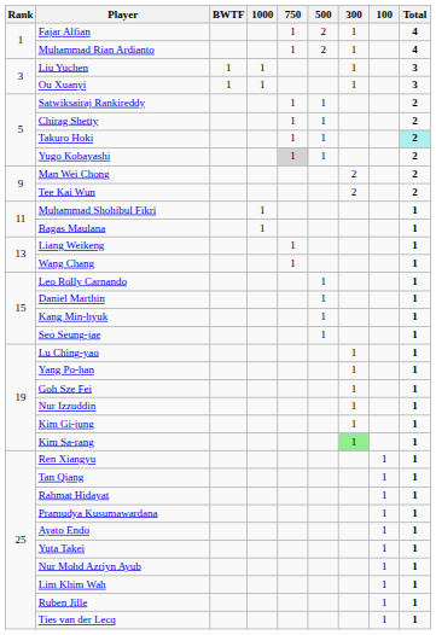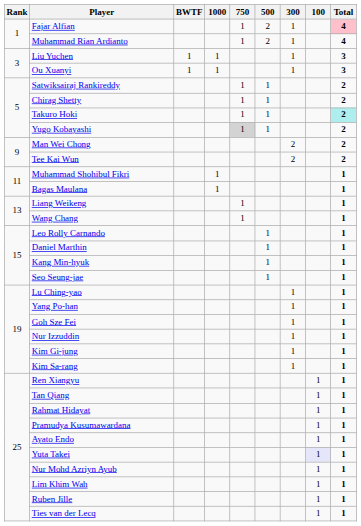 <table class="wikitable" style="font-size:80%; text-align:center">
 <tr>
 <th width="30">Rank</th>
 <th width="200">Player</th>
 <th width="30">BWTF</th>
 <th width="30">1000</th>
 <th width="30">750</th>
 <th width="30">500</th>
 <th width="30">300</th>
 <th width="30">100</th>
 <th width="30">Total</th>
 </tr>
 <tr>
 <td rowspan=2>1</td>
 <td align="left"> <a href='#'>Fajar Alfian</a></td>
 <td></td>
 <td></td>
 <td>1</td>
 <td>2</td>
 <td>1</td>
 <td></td>
-<td><strong>4</strong></td>
+<td style="background: pink;"><strong>4</strong></td>
 </tr>
 <tr>
 <td align="left"> <a href='#'>Muhammad Rian Ardianto</a></td>
 <td></td>
 <td></td>
 <td>1</td>
 <td>2</td>
 <td>1</td>
 <td></td>
 <td><strong>4</strong></td>
 </tr>
 <tr>
 <td rowspan=2>3</td>
 <td align="left"> <a href='#'>Liu Yuchen</a></td>
 <td>1</td>
 <td>1</td>
 <td></td>
 <td></td>
 <td>1</td>
 <td></td>
 <td><strong>3</strong></td>
 </tr>
 <tr>
 <td align="left"> <a href='#'>Ou Xuanyi</a></td>
 <td>1</td>
 <td>1</td>
 <td></td>
 <td></td>
 <td>1</td>
 <td></td>
 <td><strong>3</strong></td>
 </tr>
 <tr>
 <td rowspan=4>5</td>
 <td align="left"> <a href='#'>Satwiksairaj Rankireddy</a></td>
 <td></td>
 <td></td>
 <td>1</td>
 <td>1</td>
 <td></td>
 <td></td>
 <td><strong>2</strong></td>
 </tr>
 <tr>
 <td align="left"> <a href='#'>Chirag Shetty</a></td>
 <td></td>
 <td></td>
 <td>1</td>
 <td>1</td>
 <td></td>
 <td></td>
 <td><strong>2</strong></td>
 </tr>
 <tr>
 <td align="left"> <a href='#'>Takuro Hoki</a></td>
 <td></td>
 <td></td>
 <td>1</td>
 <td>1</td>
 <td></td>
 <td></td>
 <td style="background: paleturquoise;"><strong>2</strong></td>
 </tr>
 <tr>
 <td align="left"> <a href='#'>Yugo Kobayashi</a></td>
 <td></td>
 <td></td>
 <td style="background: lightgrey;">1</td>
 <td>1</td>
 <td></td>
 <td></td>
 <td><strong>2</strong></td>
 </tr>
 <tr>
 <td rowspan=2>9</td>
 <td align="left"> <a href='#'>Man Wei Chong</a></td>
 <td></td>
 <td></td>
 <td></td>
 <td></td>
 <td>2</td>
 <td></td>
 <td><strong>2</strong></td>
 </tr>
 <tr>
 <td align="left"> <a href='#'>Tee Kai Wun</a></td>
 <td></td>
 <td></td>
 <td></td>
 <td></td>
 <td>2</td>
 <td></td>
 <td><strong>2</strong></td>
 </tr>
 <tr>
 <td rowspan=2>11</td>
 <td align="left" nowrap> <a href='#'>Muhammad Shohibul Fikri</a></td>
 <td></td>
 <td>1</td>
 <td></td>
 <td></td>
 <td></td>
 <td></td>
 <td><strong>1</strong></td>
 </tr>
 <tr>
 <td align="left"> <a href='#'>Bagas Maulana</a></td>
 <td></td>
 <td>1</td>
 <td></td>
 <td></td>
 <td></td>
 <td></td>
 <td><strong>1</strong></td>
 </tr>
 <tr>
 <td rowspan=2>13</td>
 <td align="left"> <a href='#'>Liang Weikeng</a></td>
 <td></td>
 <td></td>
 <td>1</td>
 <td></td>
 <td></td>
 <td></td>
 <td><strong>1</strong></td>
 </tr>
 <tr>
 <td align="left"> <a href='#'>Wang Chang</a></td>
 <td></td>
 <td></td>
 <td>1</td>
 <td></td>
 <td></td>
 <td></td>
 <td><strong>1</strong></td>
 </tr>
 <tr>
 <td rowspan=4>15</td>
 <td align="left"> <a href='#'>Leo Rolly Carnando</a></td>
 <td></td>
 <td></td>
 <td></td>
 <td>1</td>
 <td></td>
 <td></td>
 <td><strong>1</strong></td>
 </tr>
 <tr>
 <td align="left"> <a href='#'>Daniel Marthin</a></td>
 <td></td>
 <td></td>
 <td></td>
 <td>1</td>
 <td></td>
 <td></td>
 <td><strong>1</strong></td>
 </tr>
 <tr>
 <td align="left"> <a href='#'>Kang Min-hyuk</a></td>
 <td></td>
 <td></td>
 <td></td>
 <td>1</td>
 <td></td>
 <td></td>
 <td><strong>1</strong></td>
 </tr>
 <tr>
 <td align="left"> <a href='#'>Seo Seung-jae</a></td>
 <td></td>
 <td></td>
 <td></td>
 <td>1</td>
 <td></td>
 <td></td>
 <td><strong>1</strong></td>
 </tr>
 <tr>
 <td rowspan=6>19</td>
 <td align="left"> <a href='#'>Lu Ching-yao</a></td>
 <td></td>
 <td></td>
 <td></td>
 <td></td>
 <td>1</td>
 <td></td>
 <td><strong>1</strong></td>
 </tr>
 <tr>
 <td align="left"> <a href='#'>Yang Po-han</a></td>
 <td></td>
 <td></td>
 <td></td>
 <td></td>
 <td>1</td>
 <td></td>
 <td><strong>1</strong></td>
 </tr>
 <tr>
 <td align="left"> <a href='#'>Goh Sze Fei</a></td>
 <td></td>
 <td></td>
 <td></td>
 <td></td>
 <td>1</td>
 <td></td>
 <td><strong>1</strong></td>
 </tr>
 <tr>
 <td align="left"> <a href='#'>Nur Izzuddin</a></td>
 <td></td>
 <td></td>
 <td></td>
 <td></td>
 <td>1</td>
 <td></td>
 <td><strong>1</strong></td>
 </tr>
 <tr>
 <td align="left"> <a href='#'>Kim Gi-jung</a></td>
 <td></td>
 <td></td>
 <td></td>
 <td></td>
 <td>1</td>
 <td></td>
 <td><strong>1</strong></td>
 </tr>
 <tr>
 <td align="left"> <a href='#'>Kim Sa-rang</a></td>
 <td></td>
 <td></td>
 <td></td>
 <td></td>
-<td style="background: lightgreen;">1</td>
+<td>1</td>
 <td></td>
 <td><strong>1</strong></td>
 </tr>
 <tr>
 <td rowspan=10>25</td>
 <td align="left"> <a href='#'>Ren Xiangyu</a></td>
 <td></td>
 <td></td>
 <td></td>
 <td></td>
 <td></td>
 <td>1</td>
 <td><strong>1</strong></td>
 </tr>
 <tr>
 <td align="left"> <a href='#'>Tan Qiang</a></td>
 <td></td>
 <td></td>
 <td></td>
 <td></td>
 <td></td>
 <td>1</td>
 <td><strong>1</strong></td>
 </tr>
 <tr>
 <td align="left"> <a href='#'>Rahmat Hidayat</a></td>
 <td></td>
 <td></td>
 <td></td>
 <td></td>
 <td></td>
 <td>1</td>
 <td><strong>1</strong></td>
 </tr>
 <tr>
 <td align="left"> <a href='#'>Pramudya Kusumawardana</a></td>
 <td></td>
 <td></td>
 <td></td>
 <td></td>
 <td></td>
 <td>1</td>
 <td><strong>1</strong></td>
 </tr>
 <tr>
 <td align="left"> <a href='#'>Ayato Endo</a></td>
 <td></td>
 <td></td>
 <td></td>
 <td></td>
 <td></td>
 <td>1</td>
 <td><strong>1</strong></td>
 </tr>
 <tr>
 <td align="left"> <a href='#'>Yuta Takei</a></td>
 <td></td>
 <td></td>
 <td></td>
 <td></td>
 <td></td>
-<td>1</td>
+<td style="background: lavender;">1</td>
 <td><strong>1</strong></td>
 </tr>
 <tr>
 <td align="left"> <a href='#'>Nur Mohd Azriyn Ayub</a></td>
 <td></td>
 <td></td>
 <td></td>
 <td></td>
 <td></td>
 <td>1</td>
 <td><strong>1</strong></td>
 </tr>
 <tr>
 <td align="left"> <a href='#'>Lim Khim Wah</a></td>
 <td></td>
 <td></td>
 <td></td>
 <td></td>
 <td></td>
 <td>1</td>
 <td><strong>1</strong></td>
 </tr>
 <tr>
 <td align="left"> <a href='#'>Ruben Jille</a></td>
 <td></td>
 <td></td>
 <td></td>
 <td></td>
 <td></td>
 <td>1</td>
 <td><strong>1</strong></td>
 </tr>
 <tr>
 <td align="left"> <a href='#'>Ties van der Lecq</a></td>
 <td></td>
 <td></td>
 <td></td>
 <td></td>
 <td></td>
 <td>1</td>
 <td><strong>1</strong></td>
 </tr>
 </table>
